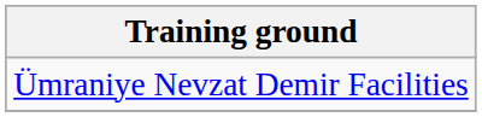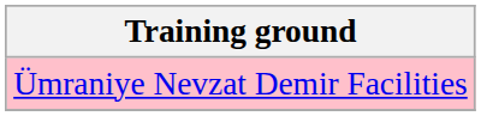 <table class="wikitable">
 <tr>
 <th>Training ground</th>
 </tr>
 <tr>
-<td><a href='#'>Ümraniye Nevzat Demir Facilities</a></td>
+<td style="background: pink;"><a href='#'>Ümraniye Nevzat Demir Facilities</a></td>
 </tr>
 <tr>
 </tr>
 </table>
